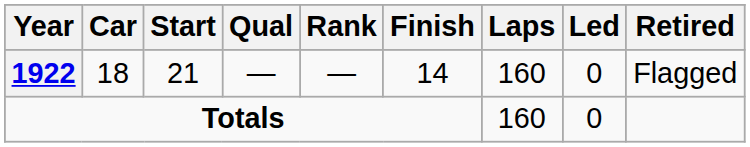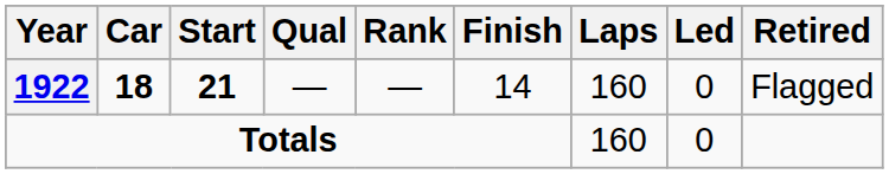 <table class="wikitable" style="text-align:center">
 <tr>
 <th>Year</th>
 <th>Car</th>
 <th>Start</th>
 <th>Qual</th>
 <th>Rank</th>
 <th>Finish</th>
 <th>Laps</th>
 <th>Led</th>
 <th>Retired</th>
 </tr>
 <tr>
 <th><a href='#'>1922</a></th>
-<td>18</td>
-<td>21</td>
+<td><strong>18</strong></td>
+<td><strong>21</strong></td>
 <td>—</td>
 <td>—</td>
 <td>14</td>
 <td>160</td>
 <td>0</td>
 <td>Flagged</td>
 </tr>
 <tr>
 <td colspan=6><strong>Totals</strong></td>
 <td>160</td>
 <td>0</td>
 <td></td>
 </tr>
 </table>
